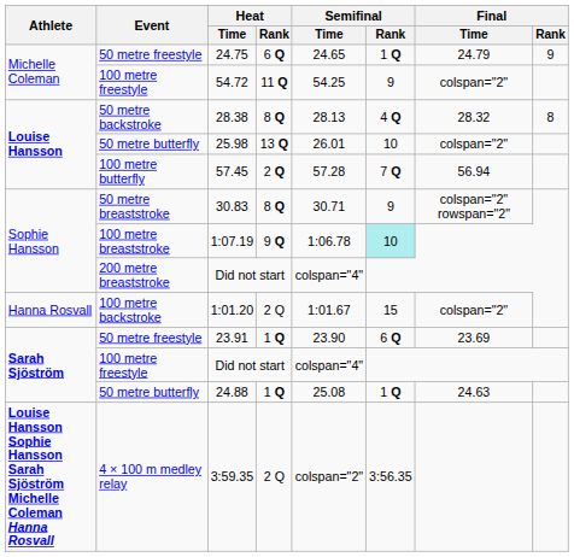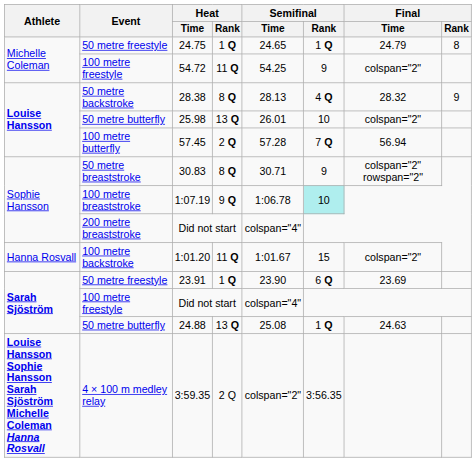 <table class="wikitable" style="text-align:center; font-size:90%; width:50%;">
 <tr>
 <th rowspan="2">Athlete</th>
 <th rowspan="2">Event</th>
 <th colspan="2">Heat</th>
 <th colspan="2">Semifinal</th>
 <th colspan="2">Final</th>
 </tr>
 <tr style="font-size:95%">
 <th>Time</th>
 <th>Rank</th>
 <th>Time</th>
 <th>Rank</th>
 <th>Time</th>
 <th>Rank</th>
 </tr>
 <tr align=center>
 <td align=left rowspan="2"><a href='#'>Michelle Coleman</a></td>
 <td align=left><a href='#'>50 metre freestyle</a></td>
 <td>24.75</td>
-<td>6 <strong>Q</strong></td>
+<td>1 <strong>Q</strong></td>
 <td>24.65</td>
 <td>1 <strong>Q</strong></td>
 <td>24.79</td>
-<td>9</td>
+<td>8</td>
 </tr>
 <tr align=center>
 <td align=left><a href='#'>100 metre freestyle</a></td>
 <td>54.72</td>
 <td>11 <strong>Q</strong></td>
 <td>54.25</td>
 <td>9</td>
 <td>colspan="2" </td>
 </tr>
 <tr align=center>
 <td align=left rowspan="3"><strong><a href='#'>Louise Hansson</a></strong></td>
 <td align=left><a href='#'>50 metre backstroke</a></td>
 <td>28.38</td>
 <td>8 <strong>Q</strong></td>
 <td>28.13</td>
 <td>4 <strong>Q</strong></td>
 <td>28.32</td>
-<td>8</td>
+<td>9</td>
 </tr>
 <tr align=center>
 <td align=left><a href='#'>50 metre butterfly</a></td>
 <td>25.98</td>
 <td>13 <strong>Q</strong></td>
 <td>26.01</td>
 <td>10</td>
 <td>colspan="2" </td>
 </tr>
 <tr align=center>
 <td align=left><a href='#'>100 metre butterfly</a></td>
 <td>57.45</td>
 <td>2 <strong>Q</strong></td>
 <td>57.28</td>
 <td>7 <strong>Q</strong></td>
 <td>56.94</td>
 <td></td>
 </tr>
 <tr align=center>
 <td align=left rowspan="3"><a href='#'>Sophie Hansson</a></td>
 <td align=left><a href='#'>50 metre breaststroke</a></td>
 <td>30.83</td>
 <td>8 <strong>Q</strong></td>
 <td>30.71</td>
 <td>9</td>
 <td>colspan="2" rowspan="2" </td>
 </tr>
 <tr align=center>
 <td align=left><a href='#'>100 metre breaststroke</a></td>
 <td>1:07.19</td>
 <td>9 <strong>Q</strong></td>
 <td>1:06.78</td>
 <td style="background: paleturquoise;">10</td>
 </tr>
 <tr align=center>
 <td align=left><a href='#'>200 metre breaststroke</a></td>
 <td colspan="2">Did not start</td>
 <td>colspan="4" </td>
 </tr>
 <tr align=center>
 <td align=left><a href='#'>Hanna Rosvall</a></td>
 <td align=left><a href='#'>100 metre backstroke</a></td>
 <td>1:01.20</td>
-<td>2 </strong>Q<strong></td>
+<td>11 <strong>Q</strong></td>
 <td>1:01.67</td>
 <td>15</td>
 <td>colspan="2" </td>
 </tr>
 <tr align=center>
 <td align=left rowspan="3"><strong><a href='#'>Sarah Sjöström</a></strong></td>
 <td align=left><a href='#'>50 metre freestyle</a></td>
 <td>23.91</td>
 <td>1 <strong>Q</strong></td>
 <td>23.90</td>
 <td>6 <strong>Q</strong></td>
 <td>23.69</td>
 <td></td>
 </tr>
 <tr align=center>
 <td align=left><a href='#'>100 metre freestyle</a></td>
 <td colspan="2">Did not start</td>
 <td>colspan="4" </td>
 </tr>
 <tr align=center>
 <td align=left><a href='#'>50 metre butterfly</a></td>
 <td>24.88</td>
-<td>1 <strong>Q</strong></td>
+<td>13 <strong>Q</strong></td>
 <td>25.08</td>
 <td>1 <strong>Q</strong></td>
 <td>24.63</td>
 <td></td>
 </tr>
 <tr>
 <td align=left><strong><a href='#'>Louise Hansson</a><br><a href='#'>Sophie Hansson</a><br><a href='#'>Sarah Sjöström</a><br><a href='#'>Michelle Coleman</a><br><em><a href='#'>Hanna Rosvall</a><strong><em></td>
 <td align=left><a href='#'>4 × 100 m medley relay</a></td>
 <td>3:59.35</td>
 <td>2 </strong>Q<strong></td>
 <td>colspan="2"  </td>
 <td>3:56.35</td>
 <td></td>
 </tr>
 </table>
